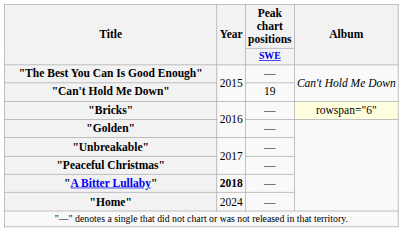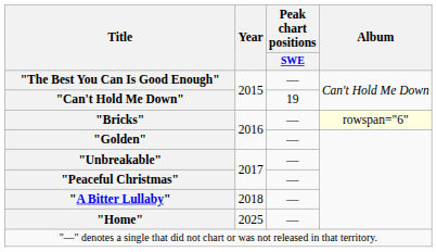 <table class="wikitable plainrowheaders" style="text-align:center;">
 <tr>
 <th scope="col" rowspan="2" style="width:18em;">Title</th>
 <th scope="col" rowspan="2" style="width:1em;">Year</th>
 <th scope="col" colspan="1">Peak chart positions</th>
 <th scope="col" rowspan="2">Album</th>
 </tr>
 <tr>
 <th scope="col" style="width:3em;font-size:85%;"><a href='#'>SWE</a><br></th>
 </tr>
 <tr>
 <th scope="row">"The Best You Can Is Good Enough"</th>
 <td rowspan="2">2015</td>
 <td>—</td>
 <td rowspan="2"><em>Can't Hold Me Down</em></td>
 </tr>
 <tr>
 <th scope="row">"Can't Hold Me Down"</th>
 <td>19</td>
 </tr>
 <tr>
 <th scope="row">"Bricks"</th>
 <td rowspan="2">2016</td>
 <td>—</td>
 <td style="background: lightyellow;">rowspan="6" </td>
 </tr>
 <tr>
 <th scope="row">"Golden"</th>
 <td>—</td>
 </tr>
 <tr>
 <th scope="row">"Unbreakable"</th>
 <td rowspan="2">2017</td>
 <td>—</td>
 </tr>
 <tr>
 <th scope="row">"Peaceful Christmas"</th>
 <td>—</td>
 </tr>
 <tr>
 <th scope="row">"<a href='#'>A Bitter Lullaby</a>"</th>
-<td><strong>2018</strong></td>
+<td>2018</td>
 <td>—<br></td>
 </tr>
 <tr>
 <th scope="row">"Home"</th>
-<td>2024</td>
+<td>2025</td>
 <td>—</td>
 </tr>
 <tr>
 <td colspan="14" style="font-size:85%">"—" denotes a single that did not chart or was not released in that territory.</td>
 </tr>
 </table>
